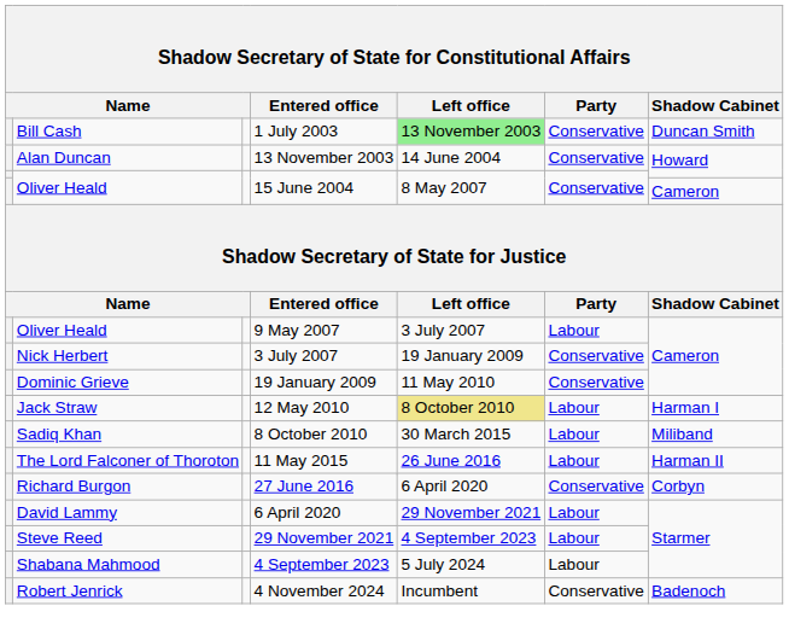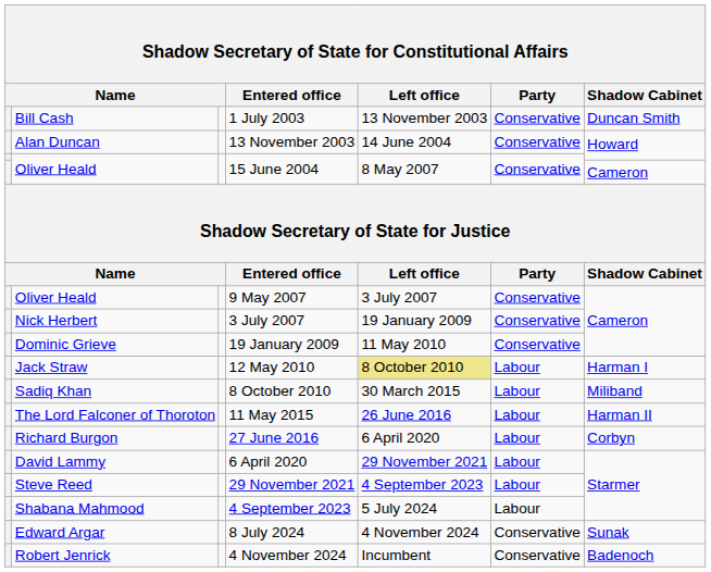 <table class=wikitable>
 <tr>
 <th colspan=7><br><h3>Shadow Secretary of State for Constitutional Affairs</h3></th>
 </tr>
 <tr>
 <th colspan=3>Name</th>
 <th>Entered office</th>
 <th>Left office</th>
 <th>Party</th>
 <th>Shadow Cabinet</th>
 </tr>
 <tr>
 <th style="background-color: "></th>
 <td><a href='#'>Bill Cash</a></td>
 <td></td>
 <td>1 July 2003</td>
-<td style="background: lightgreen;">13 November 2003</td>
+<td>13 November 2003</td>
 <td><a href='#'>Conservative</a></td>
 <td><a href='#'>Duncan Smith</a></td>
 </tr>
 <tr>
 <th style="background-color: "></th>
 <td><a href='#'>Alan Duncan</a></td>
 <td></td>
 <td>13 November 2003</td>
 <td>14 June 2004</td>
 <td><a href='#'>Conservative</a></td>
 <td rowspan="2" ><a href='#'>Howard</a></td>
 </tr>
 <tr>
 <th style="background-color: "></th>
 <td rowspan="2"><a href='#'>Oliver Heald</a></td>
 <td rowspan="2"></td>
 <td rowspan="2">15 June 2004</td>
 <td rowspan="2">8 May 2007</td>
 <td rowspan="2" ><a href='#'>Conservative</a></td>
 </tr>
 <tr>
 <th style="background-color: "></th>
 <td><a href='#'>Cameron</a></td>
 </tr>
 <tr>
 <th colspan=7><br><h3>Shadow Secretary of State for Justice</h3></th>
 </tr>
 <tr>
 <th colspan=3>Name</th>
 <th>Entered office</th>
 <th>Left office</th>
 <th>Party</th>
 <th>Shadow Cabinet</th>
 </tr>
 <tr>
 <th style="background-color: "></th>
 <td><a href='#'>Oliver Heald</a></td>
 <td></td>
 <td>9 May 2007</td>
 <td>3 July 2007</td>
-<td><a href='#'>Labour</a></td>
+<td><a href='#'>Conservative</a></td>
 <td rowspan="3" ><a href='#'>Cameron</a></td>
 </tr>
 <tr>
 <th style="background-color: "></th>
 <td><a href='#'>Nick Herbert</a></td>
 <td></td>
 <td>3 July 2007</td>
 <td>19 January 2009</td>
 <td><a href='#'>Conservative</a></td>
 </tr>
 <tr>
 <th style="background-color: "></th>
 <td><a href='#'>Dominic Grieve</a></td>
 <td></td>
 <td>19 January 2009</td>
 <td>11 May 2010</td>
 <td><a href='#'>Conservative</a></td>
 </tr>
 <tr>
 <th style="background-color: "></th>
 <td><a href='#'>Jack Straw</a></td>
 <td></td>
 <td>12 May 2010</td>
 <td style="background: khaki;">8 October 2010</td>
 <td><a href='#'>Labour</a></td>
 <td><a href='#'>Harman I</a></td>
 </tr>
 <tr>
 <th style="background-color: "></th>
 <td><a href='#'>Sadiq Khan</a></td>
 <td></td>
 <td>8 October 2010</td>
 <td>30 March 2015</td>
 <td><a href='#'>Labour</a></td>
 <td><a href='#'>Miliband</a></td>
 </tr>
 <tr>
 <th rowspan="2" style="background-color: "></th>
 <td rowspan="2"><a href='#'>The Lord Falconer of Thoroton</a></td>
 <td rowspan="2"></td>
 <td rowspan="2">11 May 2015</td>
 <td rowspan="2"><a href='#'>26 June 2016</a></td>
 <td rowspan="2" ><a href='#'>Labour</a></td>
 <td><a href='#'>Harman II</a></td>
 </tr>
 <tr>
 <td rowspan="2" ><a href='#'>Corbyn</a></td>
 </tr>
 <tr>
 <th style="background-color: "></th>
 <td><a href='#'>Richard Burgon</a></td>
 <td></td>
 <td><a href='#'>27 June 2016</a></td>
 <td>6 April 2020</td>
-<td><a href='#'>Conservative</a></td>
+<td><a href='#'>Labour</a></td>
 </tr>
 <tr>
 <th style="background-color: "></th>
 <td><a href='#'>David Lammy</a></td>
 <td></td>
 <td>6 April 2020</td>
 <td><a href='#'>29 November 2021</a></td>
 <td><a href='#'>Labour</a></td>
 <td rowspan="3" ><a href='#'>Starmer</a></td>
 </tr>
 <tr>
 <th style="background-color: "></th>
 <td><a href='#'>Steve Reed</a></td>
 <td></td>
 <td><a href='#'>29 November 2021</a></td>
 <td><a href='#'>4 September 2023</a></td>
 <td><a href='#'>Labour</a></td>
 </tr>
 <tr>
 <th style="background-color: "></th>
 <td><a href='#'>Shabana Mahmood</a></td>
 <td></td>
 <td><a href='#'>4 September 2023</a></td>
 <td>5 July 2024</td>
 <td>Labour</td>
 </tr>
 <tr>
 <th style="background-color: "></th>
+<td><a href='#'>Edward Argar</a></td>
+<td></td>
+<td>8 July 2024</td>
+<td>4 November 2024</td>
+<td>Conservative</td>
+<td><a href='#'>Sunak</a></td>
+</tr>
+<tr>
+<th style="background-color: "></th>
 <td><a href='#'>Robert Jenrick</a></td>
 <td></td>
 <td>4 November 2024</td>
 <td>Incumbent</td>
 <td>Conservative</td>
 <td><a href='#'>Badenoch</a></td>
 </tr>
 </table>
